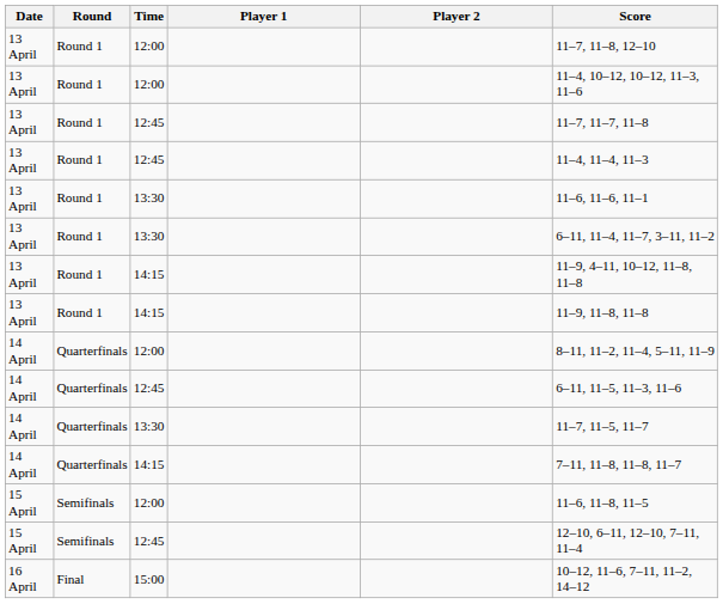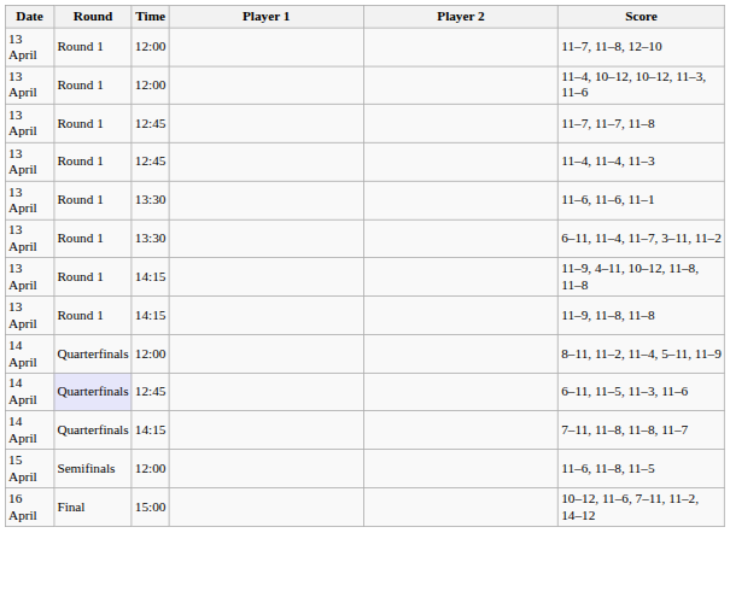 <table class="sortable wikitable" style="font-size:90%">
 <tr>
 <th width="45" class="unsortable">Date</th>
 <th width="55">Round</th>
 <th width="30">Time</th>
 <th width="200">Player 1</th>
 <th width="200">Player 2</th>
 <th width="170" class="unsortable">Score</th>
 </tr>
 <tr>
 <td>13 April</td>
 <td>Round 1</td>
 <td>12:00</td>
 <td><strong></strong></td>
 <td></td>
 <td>11–7, 11–8, 12–10</td>
 </tr>
 <tr>
 <td>13 April</td>
 <td>Round 1</td>
 <td>12:00</td>
 <td></td>
 <td><strong></strong></td>
 <td>11–4, 10–12, 10–12, 11–3, 11–6</td>
 </tr>
 <tr>
 <td>13 April</td>
 <td>Round 1</td>
 <td>12:45</td>
 <td><strong></strong></td>
 <td></td>
 <td>11–7, 11–7, 11–8</td>
 </tr>
 <tr>
 <td>13 April</td>
 <td>Round 1</td>
 <td>12:45</td>
 <td></td>
 <td><strong></strong></td>
 <td>11–4, 11–4, 11–3</td>
 </tr>
 <tr>
 <td>13 April</td>
 <td>Round 1</td>
 <td>13:30</td>
 <td><strong></strong></td>
 <td></td>
 <td>11–6, 11–6, 11–1</td>
 </tr>
 <tr>
 <td>13 April</td>
 <td>Round 1</td>
 <td>13:30</td>
 <td><strong></strong></td>
 <td></td>
 <td>6–11, 11–4, 11–7, 3–11, 11–2</td>
 </tr>
 <tr>
 <td>13 April</td>
 <td>Round 1</td>
 <td>14:15</td>
 <td><strong></strong></td>
 <td></td>
 <td>11–9, 4–11, 10–12, 11–8, 11–8</td>
 </tr>
 <tr>
 <td>13 April</td>
 <td>Round 1</td>
 <td>14:15</td>
 <td></td>
 <td><strong></strong></td>
 <td>11–9, 11–8, 11–8</td>
 </tr>
 <tr>
 <td>14 April</td>
 <td>Quarterfinals</td>
 <td>12:00</td>
 <td></td>
 <td><strong></strong></td>
 <td>8–11, 11–2, 11–4, 5–11, 11–9</td>
 </tr>
 <tr>
 <td>14 April</td>
-<td>Quarterfinals</td>
+<td style="background: lavender;">Quarterfinals</td>
 <td>12:45</td>
 <td><strong></strong></td>
 <td></td>
 <td>6–11, 11–5, 11–3, 11–6</td>
-</tr>
-<tr>
-<td>14 April</td>
-<td>Quarterfinals</td>
-<td>13:30</td>
-<td><strong></strong></td>
-<td></td>
-<td>11–7, 11–5, 11–7</td>
 </tr>
 <tr>
 <td>14 April</td>
 <td>Quarterfinals</td>
 <td>14:15</td>
 <td><strong></strong></td>
 <td></td>
 <td>7–11, 11–8, 11–8, 11–7</td>
 </tr>
 <tr>
 <td>15 April</td>
 <td>Semifinals</td>
 <td>12:00</td>
 <td><strong></strong></td>
 <td></td>
 <td>11–6, 11–8, 11–5</td>
 </tr>
 <tr>
-<td>15 April</td>
-<td>Semifinals</td>
-<td>12:45</td>
-<td></td>
-<td><strong></strong></td>
-<td>12–10, 6–11, 12–10, 7–11, 11–4</td>
-</tr>
-<tr>
 <td>16 April</td>
 <td>Final</td>
 <td>15:00</td>
 <td><strong></strong></td>
 <td></td>
 <td>10–12, 11–6, 7–11, 11–2, 14–12</td>
 </tr>
 </table>
